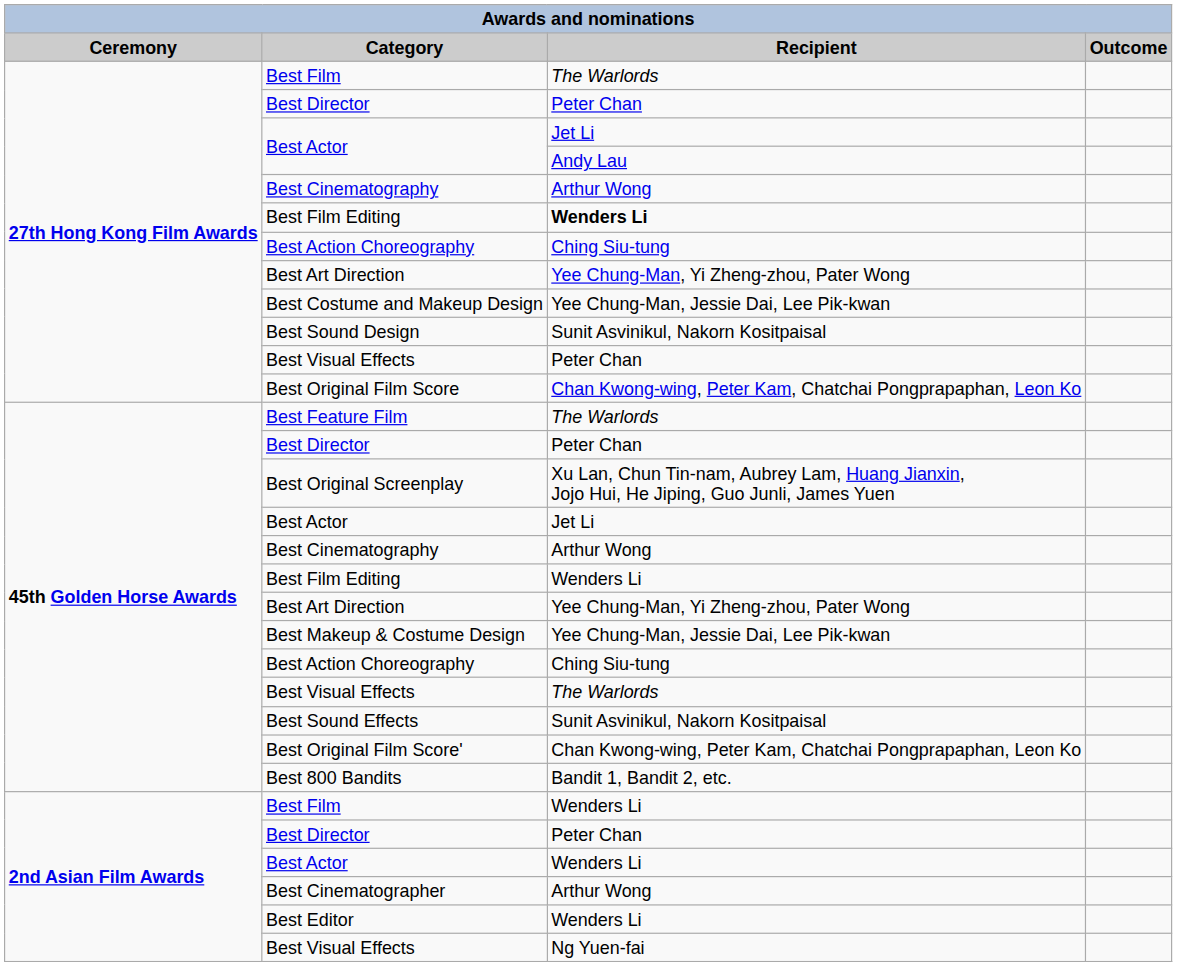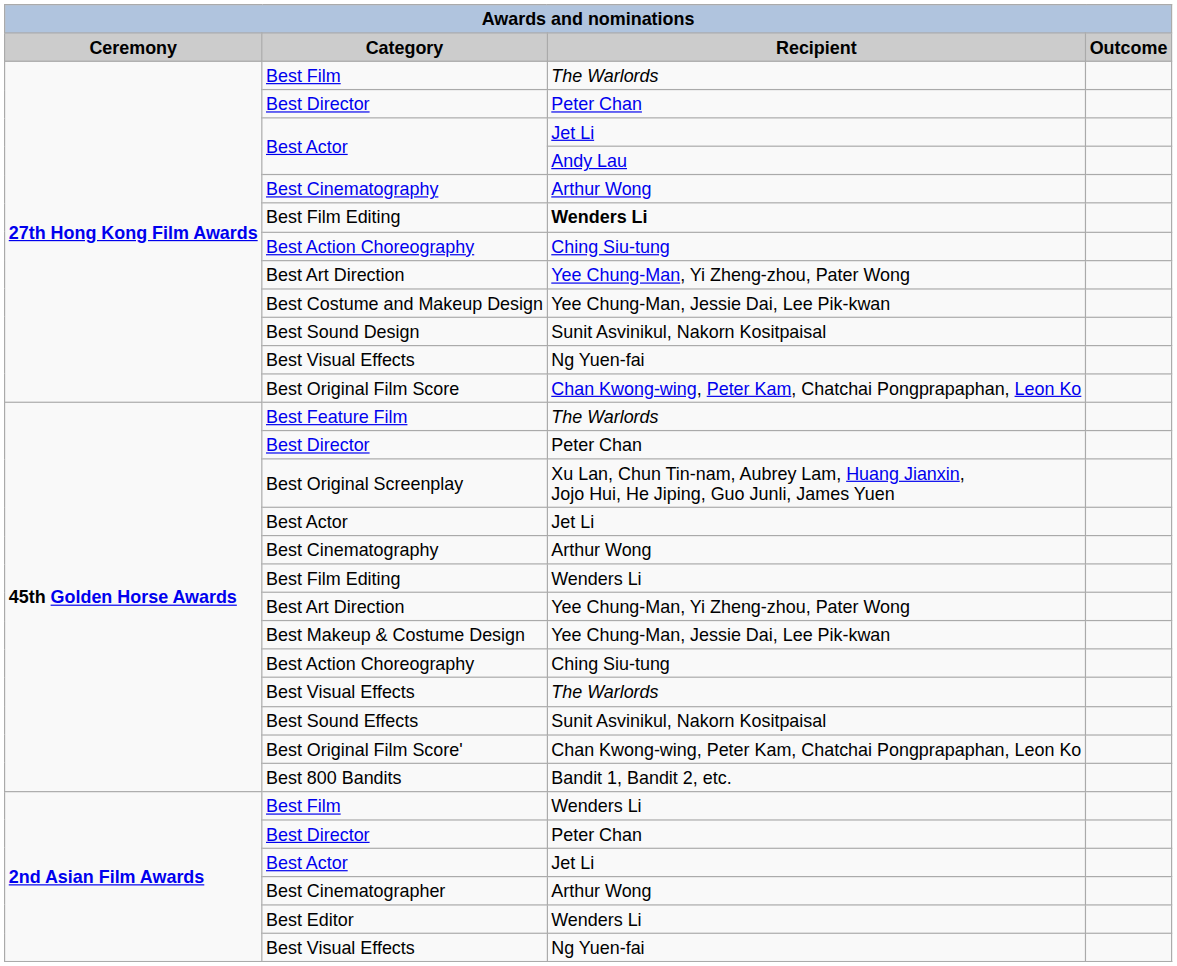 <table class="wikitable" style="font-size:95%">
 <tr style="background:#ccc; text-align:center;">
 <th colspan="4" style="background: LightSteelBlue;">Awards and nominations</th>
 </tr>
 <tr style="background:#ccc; text-align:center;">
 <th style="background:#ccc">Ceremony</th>
 <th style="background:#ccc">Category</th>
 <th style="background:#ccc">Recipient</th>
 <th style="background:#ccc">Outcome</th>
 </tr>
 <tr>
 <td rowspan=12><strong><a href='#'>27th Hong Kong Film Awards</a></strong></td>
 <td><a href='#'>Best Film</a></td>
 <td><em>The Warlords</em></td>
 <td></td>
 </tr>
 <tr>
 <td><a href='#'>Best Director</a></td>
 <td><a href='#'>Peter Chan</a></td>
 <td></td>
 </tr>
 <tr>
 <td rowspan=2><a href='#'>Best Actor</a></td>
 <td><a href='#'>Jet Li</a></td>
 <td></td>
 </tr>
 <tr>
 <td><a href='#'>Andy Lau</a></td>
 <td></td>
 </tr>
 <tr>
 <td><a href='#'>Best Cinematography</a></td>
 <td><a href='#'>Arthur Wong</a></td>
 <td></td>
 </tr>
 <tr>
 <td>Best Film Editing</td>
 <td><strong>Wenders Li</strong></td>
 <td></td>
 </tr>
 <tr>
 <td><a href='#'>Best Action Choreography</a></td>
 <td><a href='#'>Ching Siu-tung</a></td>
 <td></td>
 </tr>
 <tr>
 <td>Best Art Direction</td>
 <td><a href='#'>Yee Chung-Man</a>, Yi Zheng-zhou, Pater Wong</td>
 <td></td>
 </tr>
 <tr>
 <td>Best Costume and Makeup Design</td>
 <td>Yee Chung-Man, Jessie Dai, Lee Pik-kwan</td>
 <td></td>
 </tr>
 <tr>
 <td>Best Sound Design</td>
 <td>Sunit Asvinikul, Nakorn Kositpaisal</td>
 <td></td>
 </tr>
 <tr>
 <td>Best Visual Effects</td>
-<td>Peter Chan</td>
+<td>Ng Yuen-fai</td>
 <td></td>
 </tr>
 <tr>
 <td>Best Original Film Score</td>
 <td><a href='#'>Chan Kwong-wing</a>, <a href='#'>Peter Kam</a>, Chatchai Pongprapaphan, <a href='#'>Leon Ko</a></td>
 <td></td>
 </tr>
 <tr>
 <td rowspan=13><strong>45th <a href='#'>Golden Horse Awards</a></strong></td>
 <td><a href='#'>Best Feature Film</a></td>
 <td><em>The Warlords</em></td>
 <td></td>
 </tr>
 <tr>
 <td><a href='#'>Best Director</a></td>
 <td>Peter Chan</td>
 <td></td>
 </tr>
 <tr>
 <td>Best Original Screenplay</td>
 <td>Xu Lan, Chun Tin-nam, Aubrey Lam, <a href='#'>Huang Jianxin</a>, <br>Jojo Hui, He Jiping, Guo Junli, James Yuen</td>
 <td></td>
 </tr>
 <tr>
 <td>Best Actor</td>
 <td>Jet Li</td>
 <td></td>
 </tr>
 <tr>
 <td>Best Cinematography</td>
 <td>Arthur Wong</td>
 <td></td>
 </tr>
 <tr>
 <td>Best Film Editing</td>
 <td>Wenders Li</td>
 <td></td>
 </tr>
 <tr>
 <td>Best Art Direction</td>
 <td>Yee Chung-Man, Yi Zheng-zhou, Pater Wong</td>
 <td></td>
 </tr>
 <tr>
 <td>Best Makeup & Costume Design</td>
 <td>Yee Chung-Man, Jessie Dai, Lee Pik-kwan</td>
 <td></td>
 </tr>
 <tr>
 <td>Best Action Choreography</td>
 <td>Ching Siu-tung</td>
 <td></td>
 </tr>
 <tr>
 <td>Best Visual Effects</td>
 <td><em>The Warlords</em></td>
 <td></td>
 </tr>
 <tr>
 <td>Best Sound Effects</td>
 <td>Sunit Asvinikul, Nakorn Kositpaisal</td>
 <td></td>
 </tr>
 <tr>
 <td>Best Original Film Score'</td>
 <td>Chan Kwong-wing, Peter Kam, Chatchai Pongprapaphan, Leon Ko</td>
 <td></td>
 </tr>
 <tr>
 <td>Best 800 Bandits</td>
 <td>Bandit 1, Bandit 2, etc.</td>
 <td></td>
 </tr>
 <tr>
 <td rowspan=6><strong><a href='#'>2nd Asian Film Awards</a></strong></td>
 <td><a href='#'>Best Film</a></td>
 <td>Wenders Li</td>
 <td></td>
 </tr>
 <tr>
 <td><a href='#'>Best Director</a></td>
 <td>Peter Chan</td>
 <td></td>
 </tr>
 <tr>
 <td><a href='#'>Best Actor</a></td>
-<td>Wenders Li</td>
+<td>Jet Li</td>
 <td></td>
 </tr>
 <tr>
 <td>Best Cinematographer</td>
 <td>Arthur Wong</td>
 <td></td>
 </tr>
 <tr>
 <td>Best Editor</td>
 <td>Wenders Li</td>
 <td></td>
 </tr>
 <tr>
 <td>Best Visual Effects</td>
 <td>Ng Yuen-fai</td>
 <td></td>
 </tr>
 <tr>
 </tr>
 </table>
